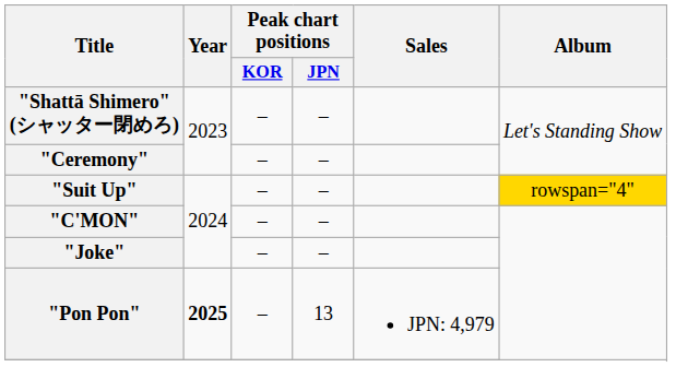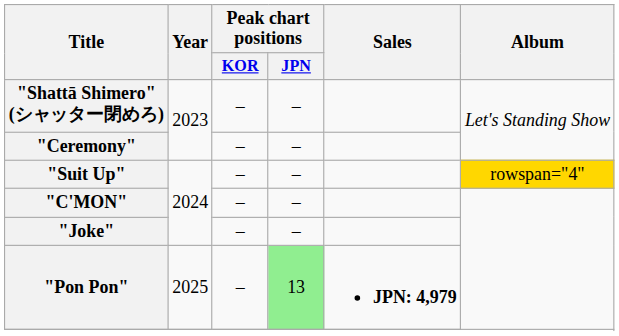 <table class="wikitable plainrowheaders" style="text-align:center">
 <tr>
 <th scope="col" rowspan="2">Title</th>
 <th scope="col" rowspan="2">Year</th>
 <th scope="col" colspan="2">Peak chart positions</th>
 <th scope="col" rowspan="2">Sales</th>
 <th scope="col" rowspan="2">Album</th>
 </tr>
 <tr>
 <th scope="col" style="width:3em;font-size:90%"><a href='#'>KOR</a></th>
 <th scope="col" style="width:3em;font-size:90%"><a href='#'>JPN</a></th>
 </tr>
 <tr>
 <th scope="row">"Shattā Shimero" <br>(シャッター閉めろ)</th>
 <td rowspan="2">2023</td>
 <td>–</td>
 <td>–</td>
 <td></td>
 <td rowspan="2"><em>Let's Standing Show</em></td>
 </tr>
 <tr>
 <th scope="row">"Ceremony"</th>
 <td>–</td>
 <td>–</td>
 <td></td>
 </tr>
 <tr>
 <th scope="row">"Suit Up"</th>
 <td rowspan="3">2024</td>
 <td>–</td>
 <td>–</td>
 <td></td>
 <td style="background: gold;">rowspan="4" </td>
 </tr>
 <tr>
 <th scope="row">"C'MON" </th>
 <td>–</td>
 <td>–</td>
 <td></td>
 </tr>
 <tr>
 <th scope="row">"Joke" </th>
 <td>–</td>
 <td>–</td>
 <td></td>
 </tr>
 <tr>
 <th scope="row">"Pon Pon"</th>
-<td><strong>2025</strong></td>
+<td>2025</td>
 <td>–</td>
-<td>13</td>
-<td><br><ul><li>JPN: 4,979</li></ul></td>
+<td style="background: lightgreen;">13</td>
+<td><strong><br><ul><li>JPN: 4,979</li></ul></strong></td>
 </tr>
 <tr>
 </tr>
 </table>
